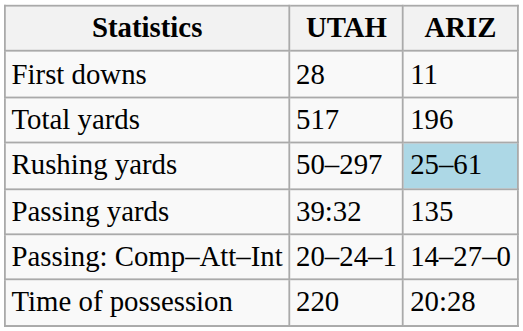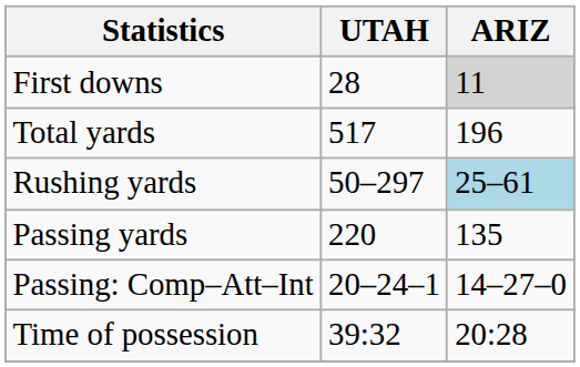 <table class="wikitable" style="float: left;">
 <tr>
 <th>Statistics</th>
 <th>UTAH</th>
 <th>ARIZ</th>
 </tr>
 <tr>
 <td>First downs</td>
 <td>28</td>
-<td>11</td>
+<td style="background: lightgrey;">11</td>
 </tr>
 <tr>
 <td>Total yards</td>
 <td>517</td>
 <td>196</td>
 </tr>
 <tr>
 <td>Rushing yards</td>
 <td>50–297</td>
 <td style="background: lightblue;">25–61</td>
 </tr>
 <tr>
 <td>Passing yards</td>
-<td>39:32</td>
+<td>220</td>
 <td>135</td>
 </tr>
 <tr>
 <td>Passing: Comp–Att–Int</td>
 <td>20–24–1</td>
 <td>14–27–0</td>
 </tr>
 <tr>
 <td>Time of possession</td>
-<td>220</td>
+<td>39:32</td>
 <td>20:28</td>
 </tr>
 <tr>
 </tr>
 </table>
